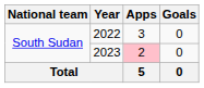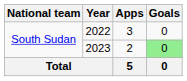 <table class="wikitable" style="text-align:center">
 <tr>
 <th>National team</th>
 <th>Year</th>
 <th>Apps</th>
 <th>Goals</th>
 </tr>
 <tr>
 <td rowspan=2><a href='#'>South Sudan</a></td>
 <td>2022</td>
 <td>3</td>
 <td>0</td>
 </tr>
 <tr>
 <td>2023</td>
-<td style="background: pink;">2</td>
-<td>0</td>
+<td>2</td>
+<td style="background: lightgreen;">0</td>
 </tr>
 <tr>
 <th colspan=2>Total</th>
 <th>5</th>
 <th>0</th>
 </tr>
 </table>
